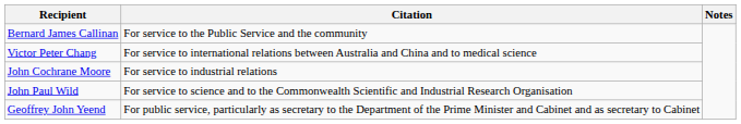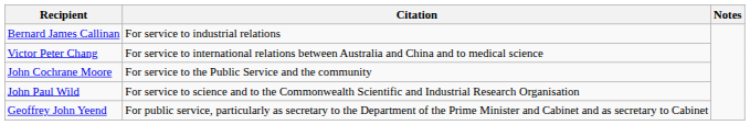 <table class="wikitable" style="font-size:95%;">
 <tr>
 <th>Recipient</th>
 <th>Citation</th>
 <th>Notes</th>
 </tr>
 <tr>
 <td> <a href='#'>Bernard James Callinan</a> </td>
-<td>For service to the Public Service and the community</td>
+<td>For service to industrial relations</td>
 <td rowspan=5></td>
 </tr>
 <tr>
 <td> <a href='#'>Victor Peter Chang</a></td>
 <td>For service to international relations between Australia and China and to medical science</td>
 </tr>
 <tr>
 <td> <a href='#'>John Cochrane Moore</a></td>
-<td>For service to industrial relations</td>
+<td>For service to the Public Service and the community</td>
 </tr>
 <tr>
 <td> <a href='#'>John Paul Wild</a> </td>
 <td>For service to science and to the Commonwealth Scientific and Industrial Research Organisation</td>
 </tr>
 <tr>
 <td> <a href='#'>Geoffrey John Yeend</a> </td>
 <td>For public service, particularly as secretary to the Department of the Prime Minister and Cabinet and as secretary to Cabinet</td>
 </tr>
 </table>
